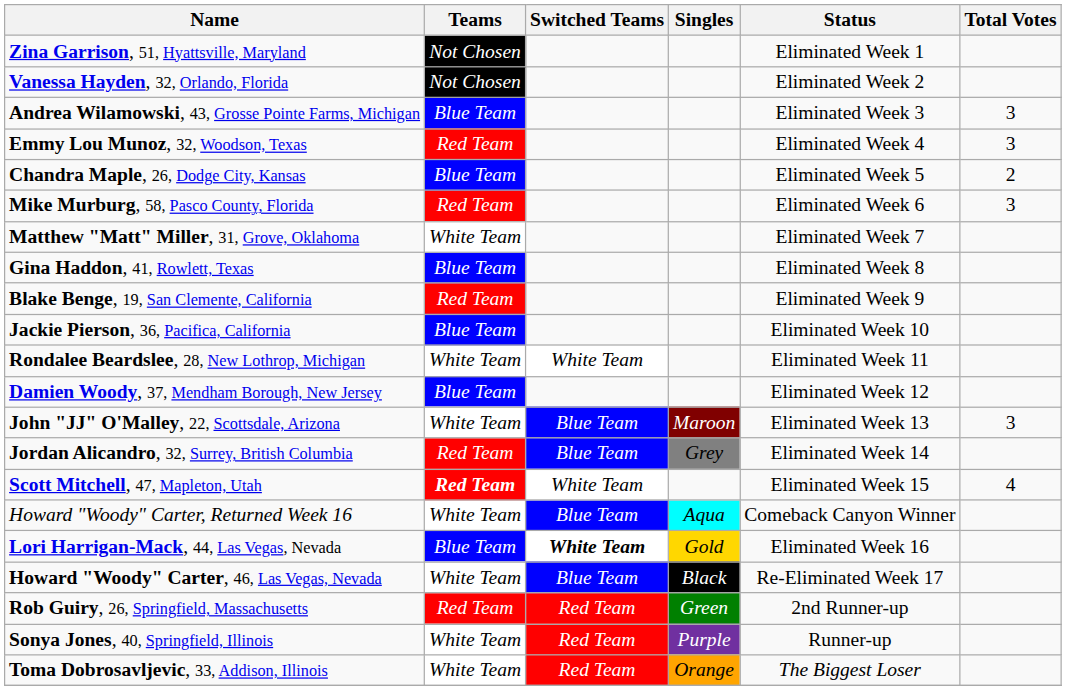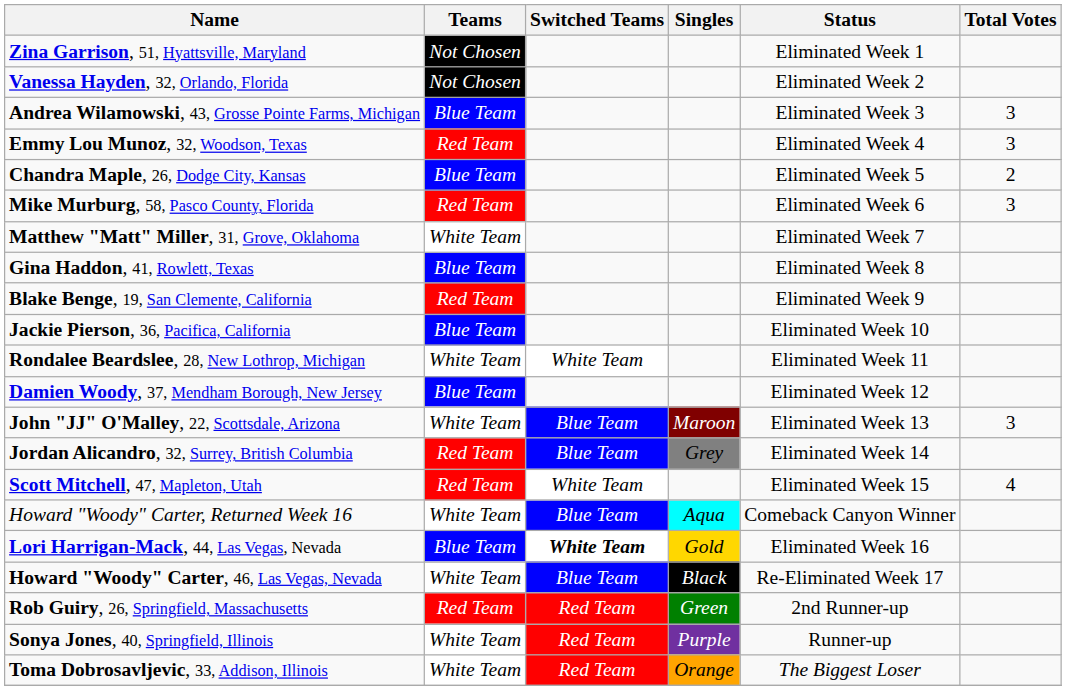 <table class="wikitable sortable" style="text-align:center" align="center">
 <tr>
 <th>Name</th>
 <th>Teams</th>
 <th>Switched Teams</th>
 <th>Singles</th>
 <th>Status</th>
 <th>Total Votes</th>
 </tr>
 <tr>
 <td align="left"><strong><a href='#'>Zina Garrison</a></strong>, <small>51, <a href='#'>Hyattsville, Maryland</a></small></td>
 <td style="background:black;color:white;"><em>Not Chosen</em></td>
 <td></td>
 <td></td>
 <td>Eliminated Week 1</td>
 <td></td>
 </tr>
 <tr>
 <td align="left"><strong><a href='#'>Vanessa Hayden</a></strong>, <small>32, <a href='#'>Orlando, Florida</a></small></td>
 <td style="background:black;color:white;"><em>Not Chosen</em></td>
 <td></td>
 <td></td>
 <td>Eliminated Week 2</td>
 <td></td>
 </tr>
 <tr>
 <td align="left"><strong>Andrea Wilamowski</strong>, <small>43, <a href='#'>Grosse Pointe Farms, Michigan</a></small></td>
 <td style="background:blue;color:white;"><em>Blue Team</em></td>
 <td></td>
 <td></td>
 <td>Eliminated Week 3</td>
 <td>3</td>
 </tr>
 <tr>
 <td align="left"><strong>Emmy Lou Munoz</strong>, <small>32, <a href='#'>Woodson, Texas</a></small></td>
 <td style="background:red;color:white;"><em>Red Team</em></td>
 <td></td>
 <td></td>
 <td>Eliminated Week 4</td>
 <td>3</td>
 </tr>
 <tr>
 <td align="left"><strong>Chandra Maple</strong>, <small>26, <a href='#'>Dodge City, Kansas</a></small></td>
 <td style="background:blue;color:white;"><em>Blue Team</em></td>
 <td></td>
 <td></td>
 <td>Eliminated Week 5</td>
 <td>2</td>
 </tr>
 <tr>
 <td align="left"><strong>Mike Murburg</strong>, <small>58, <a href='#'>Pasco County, Florida</a></small></td>
 <td style="background:red;color:white;"><em>Red Team</em></td>
 <td></td>
 <td></td>
 <td>Eliminated Week 6</td>
 <td>3</td>
 </tr>
 <tr>
 <td align="left"><strong>Matthew "Matt" Miller</strong>, <small>31, <a href='#'>Grove, Oklahoma</a></small></td>
 <td style="background:white;color:black;"><em>White Team</em></td>
 <td></td>
 <td></td>
 <td>Eliminated Week 7</td>
 <td></td>
 </tr>
 <tr>
 <td align="left"><strong>Gina Haddon</strong>, <small>41, <a href='#'>Rowlett, Texas</a></small></td>
 <td style="background:blue;color:white;"><em>Blue Team</em></td>
 <td></td>
 <td></td>
 <td>Eliminated Week 8</td>
 <td></td>
 </tr>
 <tr>
 <td align="left"><strong>Blake Benge</strong>, <small>19, <a href='#'>San Clemente, California</a></small></td>
 <td style="background:red;color:white;"><em>Red Team</em></td>
 <td></td>
 <td></td>
 <td>Eliminated Week 9</td>
 <td></td>
 </tr>
 <tr>
 <td align="left"><strong>Jackie Pierson</strong>, <small>36, <a href='#'>Pacifica, California</a></small></td>
 <td style="background:blue;color:white;"><em>Blue Team</em></td>
 <td></td>
 <td></td>
 <td>Eliminated Week 10</td>
 <td></td>
 </tr>
 <tr>
 <td align="left"><strong>Rondalee Beardslee</strong>, <small>28, <a href='#'>New Lothrop, Michigan</a></small></td>
 <td style="background:white;color:black;"><em>White Team</em></td>
 <td style="background:white;color:black;"><em>White Team</em></td>
 <td></td>
 <td>Eliminated Week 11</td>
 <td></td>
 </tr>
 <tr>
 <td align="left"><strong><a href='#'>Damien Woody</a></strong>, <small>37, <a href='#'>Mendham Borough, New Jersey</a></small></td>
 <td style="background:blue;color:white;"><em>Blue Team</em></td>
 <td></td>
 <td></td>
 <td>Eliminated Week 12</td>
 <td></td>
 </tr>
 <tr>
 <td align="left"><strong>John "JJ" O'Malley</strong>, <small>22, <a href='#'>Scottsdale, Arizona</a></small></td>
 <td style="background:white;color:black;"><em>White Team</em></td>
 <td style="background:blue;color:white;"><em>Blue Team</em></td>
 <td style="background:Maroon;color:white;"><em>Maroon</em></td>
 <td>Eliminated Week 13</td>
 <td>3</td>
 </tr>
 <tr>
 <td align="left"><strong>Jordan Alicandro</strong>, <small>32, <a href='#'>Surrey, British Columbia</a></small></td>
 <td style="background:red;color:white;"><em>Red Team</em></td>
 <td style="background:blue;color:white;"><em>Blue Team</em></td>
 <td style="background:gray;color:black;"><em>Grey</em></td>
 <td>Eliminated Week 14</td>
 <td></td>
 </tr>
 <tr>
 <td align="left"><strong><a href='#'>Scott Mitchell</a></strong>, <small>47, <a href='#'>Mapleton, Utah</a></small></td>
-<td style="background:red;color:white;"><strong><em>Red Team</em></strong></td>
+<td style="background:red;color:white;"><em>Red Team</em></td>
 <td style="background:White;color:black;"><em>White Team</em></td>
 <td></td>
 <td>Eliminated Week 15</td>
 <td>4</td>
 </tr>
 <tr>
 <td align="left"><em>Howard "Woody" Carter, Returned Week 16</em></td>
 <td style="background:white;color:black;"><em>White Team</em></td>
 <td style="background:blue;color:white;"><em>Blue Team</em></td>
 <td style="background:aqua;color:black;"><em>Aqua</em></td>
 <td>Comeback Canyon Winner</td>
 <td></td>
 </tr>
 <tr>
 <td align="left"><strong><a href='#'>Lori Harrigan-Mack</a></strong>, <small>44, <a href='#'>Las Vegas</a>, Nevada</small></td>
 <td style="background:blue;color:white;"><em>Blue Team</em></td>
 <td style="background:White;color:black;"><strong><em>White Team</em></strong></td>
 <td style="background:gold;color:black;"><em>Gold</em></td>
 <td>Eliminated Week 16</td>
 <td></td>
 </tr>
 <tr>
 <td align="left"><strong>Howard "Woody" Carter</strong>, <small>46, <a href='#'>Las Vegas, Nevada</a></small></td>
 <td style="background:white;color:black;"><em>White Team</em></td>
 <td style="background:blue;color:white;"><em>Blue Team</em></td>
 <td style="background:black;color:white;"><em>Black</em></td>
 <td>Re-Eliminated Week 17</td>
 <td></td>
 </tr>
 <tr>
 <td align="left"><strong>Rob Guiry</strong>, <small>26, <a href='#'>Springfield, Massachusetts</a></small></td>
 <td style="background:red;color:white;"><em>Red Team</em></td>
 <td style="background:Red;color:white;"><em>Red Team</em></td>
 <td style="background:green;color:white;"><em>Green</em></td>
 <td>2nd Runner-up</td>
 <td></td>
 </tr>
 <tr>
 <td align="left"><strong>Sonya Jones</strong>, <small>40, <a href='#'>Springfield, Illinois</a></small></td>
 <td style="background:white;color:black;"><em>White Team</em></td>
 <td style="background:Red;color:white;"><em>Red Team</em></td>
 <td style="background:#7030A0;color:white;"><em>Purple</em></td>
 <td>Runner-up</td>
 <td></td>
 </tr>
 <tr>
 <td align="left"><strong>Toma Dobrosavljevic</strong>, <small>33, <a href='#'>Addison, Illinois</a></small></td>
 <td style="background:white;color:black;"><em>White Team</em></td>
 <td style="background:Red;color:white;"><em>Red Team</em></td>
 <td style="background:orange;color:black;"><em>Orange</em></td>
 <td><em>The Biggest Loser</em></td>
 <td></td>
 </tr>
 <tr>
 </tr>
 </table>
